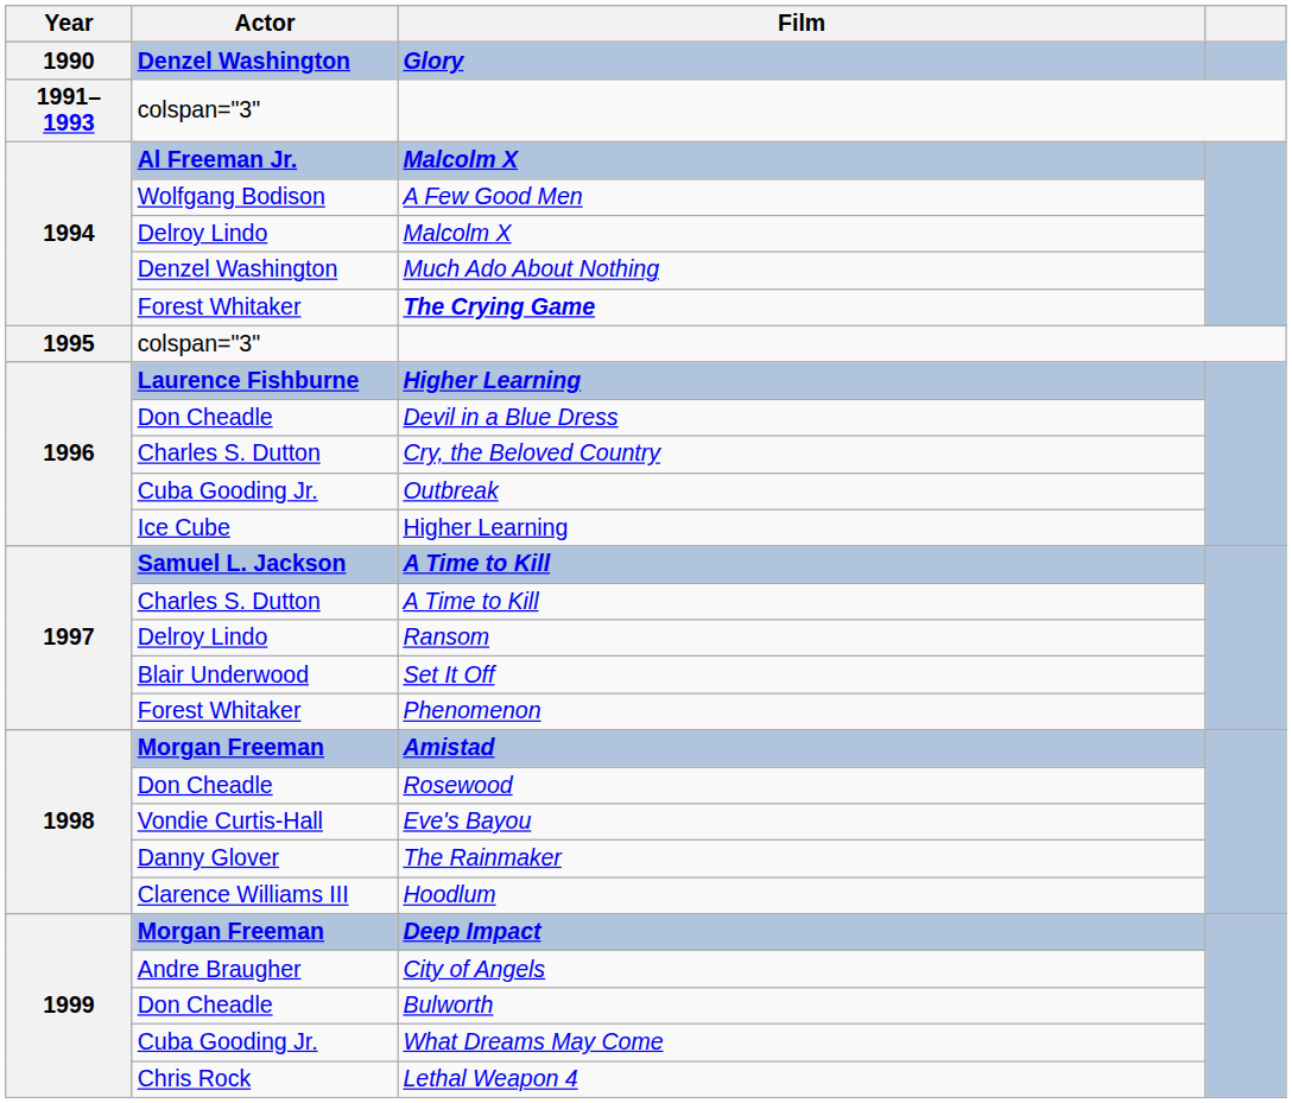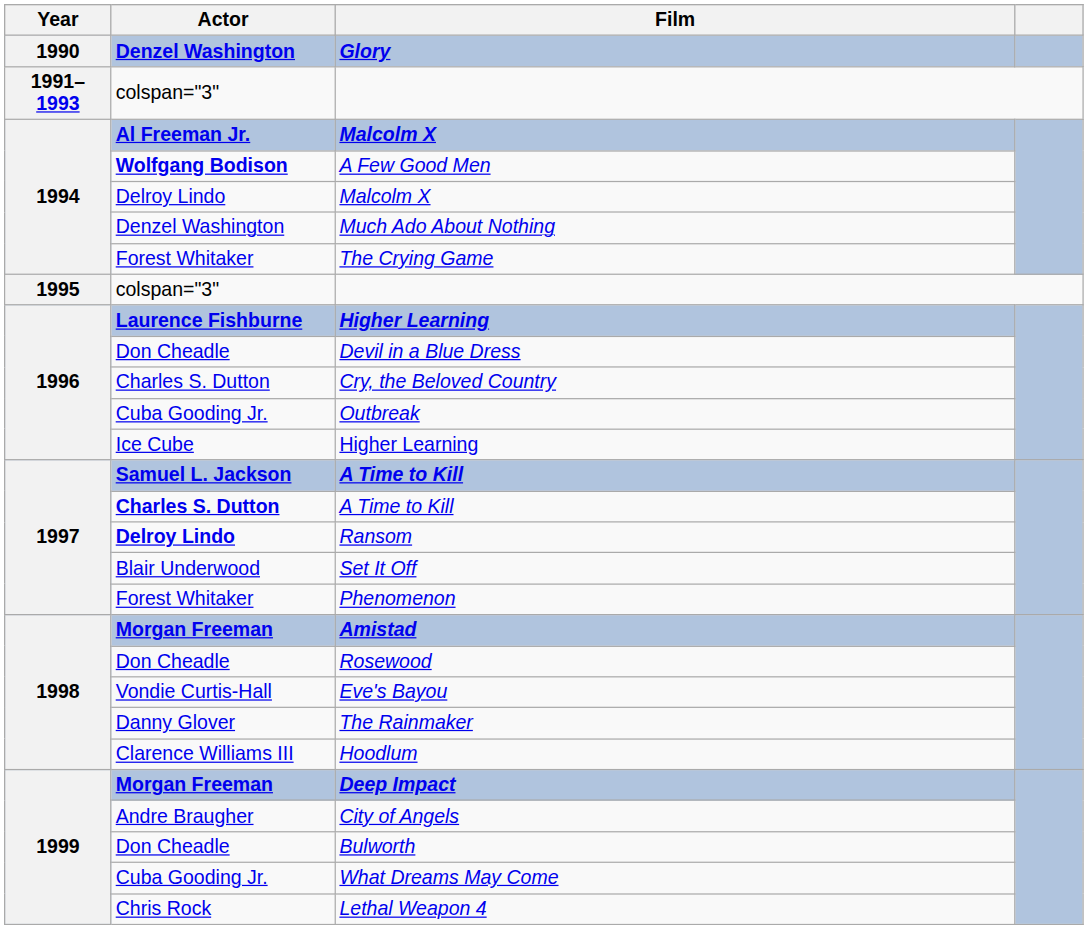 <table class="wikitable" style="width:70%;">
 <tr style="background:#bebebe;">
 <th scope="col" style="width:5em;">Year</th>
 <th scope="col" style="width:11em;">Actor</th>
 <th scope="col">Film</th>
 <th scope="col" style="width:3em;"></th>
 </tr>
 <tr style="background:#B0C4DE; font-weight:bold;">
 <th scope="row">1990</th>
 <td><a href='#'>Denzel Washington</a></td>
 <td><em><a href='#'>Glory</a></em></td>
 <td style="text-align:center;"></td>
 </tr>
 <tr>
 <th scope="row">1991–<a href='#'>1993</a></th>
 <td>colspan="3" </td>
 </tr>
 <tr style="background:#B0C4DE; font-weight:bold;">
 <th scope="row" rowspan="5">1994</th>
 <td><a href='#'>Al Freeman Jr.</a></td>
 <td><em><a href='#'>Malcolm X</a></em></td>
 <td rowspan="5" style="text-align:center;"></td>
 </tr>
 <tr>
-<td><a href='#'>Wolfgang Bodison</a></td>
+<td><strong><a href='#'>Wolfgang Bodison</a></strong></td>
 <td><em><a href='#'>A Few Good Men</a></em></td>
 </tr>
 <tr>
 <td><a href='#'>Delroy Lindo</a></td>
 <td><em><a href='#'>Malcolm X</a></em></td>
 </tr>
 <tr>
 <td><a href='#'>Denzel Washington</a></td>
 <td><em><a href='#'>Much Ado About Nothing</a></em></td>
 </tr>
 <tr>
 <td><a href='#'>Forest Whitaker</a></td>
-<td><strong><em><a href='#'>The Crying Game</a></em></strong></td>
+<td><em><a href='#'>The Crying Game</a></em></td>
 </tr>
 <tr>
 <th scope="row">1995</th>
 <td>colspan="3" </td>
 </tr>
 <tr style="background:#B0C4DE; font-weight:bold;">
 <th scope="row" rowspan="5">1996</th>
 <td><a href='#'>Laurence Fishburne</a></td>
 <td><em><a href='#'>Higher Learning</a></em></td>
 <td rowspan="5" style="text-align:center;"></td>
 </tr>
 <tr>
 <td><a href='#'>Don Cheadle</a></td>
 <td><em><a href='#'>Devil in a Blue Dress</a></em></td>
 </tr>
 <tr>
 <td><a href='#'>Charles S. Dutton</a></td>
 <td><em><a href='#'>Cry, the Beloved Country</a></em></td>
 </tr>
 <tr>
 <td><a href='#'>Cuba Gooding Jr.</a></td>
 <td><em><a href='#'>Outbreak</a></em></td>
 </tr>
 <tr>
 <td><a href='#'>Ice Cube</a></td>
 <td><a href='#'>Higher Learning</a></td>
 </tr>
 <tr style="background:#B0C4DE; font-weight:bold;">
 <th scope="row" rowspan="5">1997</th>
 <td><a href='#'>Samuel L. Jackson</a></td>
 <td><em><a href='#'>A Time to Kill</a></em></td>
 <td rowspan="5" style="text-align:center;"></td>
 </tr>
 <tr>
-<td><a href='#'>Charles S. Dutton</a></td>
+<td><strong><a href='#'>Charles S. Dutton</a></strong></td>
 <td><em><a href='#'>A Time to Kill</a></em></td>
 </tr>
 <tr>
-<td><a href='#'>Delroy Lindo</a></td>
+<td><strong><a href='#'>Delroy Lindo</a></strong></td>
 <td><em><a href='#'>Ransom</a></em></td>
 </tr>
 <tr>
 <td><a href='#'>Blair Underwood</a></td>
 <td><em><a href='#'>Set It Off</a></em></td>
 </tr>
 <tr>
 <td><a href='#'>Forest Whitaker</a></td>
 <td><em><a href='#'>Phenomenon</a></em></td>
 </tr>
 <tr style="background:#B0C4DE; font-weight:bold;">
 <th scope="row" rowspan="5">1998</th>
 <td><a href='#'>Morgan Freeman</a></td>
 <td><em><a href='#'>Amistad</a></em></td>
 <td rowspan="5" style="text-align:center;"></td>
 </tr>
 <tr>
 <td><a href='#'>Don Cheadle</a></td>
 <td><em><a href='#'>Rosewood</a></em></td>
 </tr>
 <tr>
 <td><a href='#'>Vondie Curtis-Hall</a></td>
 <td><em><a href='#'>Eve's Bayou</a></em></td>
 </tr>
 <tr>
 <td><a href='#'>Danny Glover</a></td>
 <td><em><a href='#'>The Rainmaker</a></em></td>
 </tr>
 <tr>
 <td><a href='#'>Clarence Williams III</a></td>
 <td><em><a href='#'>Hoodlum</a></em></td>
 </tr>
 <tr style="background:#B0C4DE; font-weight:bold;">
 <th scope="row" rowspan="5">1999</th>
 <td><a href='#'>Morgan Freeman</a></td>
 <td><em><a href='#'>Deep Impact</a></em></td>
 <td rowspan="5" style="text-align:center;"></td>
 </tr>
 <tr>
 <td><a href='#'>Andre Braugher</a></td>
 <td><em><a href='#'>City of Angels</a></em></td>
 </tr>
 <tr>
 <td><a href='#'>Don Cheadle</a></td>
 <td><em><a href='#'>Bulworth</a></em></td>
 </tr>
 <tr>
 <td><a href='#'>Cuba Gooding Jr.</a></td>
 <td><em><a href='#'>What Dreams May Come</a></em></td>
 </tr>
 <tr>
 <td><a href='#'>Chris Rock</a></td>
 <td><em><a href='#'>Lethal Weapon 4</a></em></td>
 </tr>
 </table>
